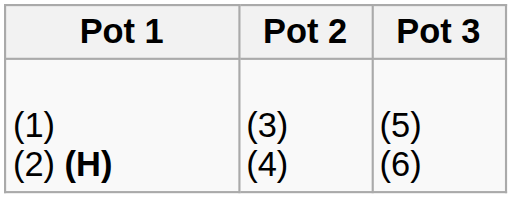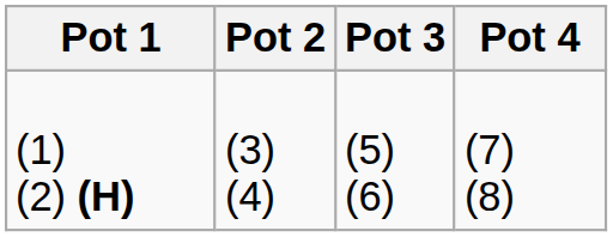 <table class="wikitable">
 <tr>
 <th width=35%>Pot 1</th>
 <th width=20%>Pot 2</th>
 <th width=20%>Pot 3</th>
+<th width=25%>Pot 4</th>
 </tr>
 <tr>
 <td><br> (1) <br>  (2) <strong>(H)</strong></td>
 <td><br> (3) <br>  (4)</td>
 <td><br> (5) <br>  (6)</td>
+<td><br> (7) <br>  (8)</td>
 </tr>
 </table>
